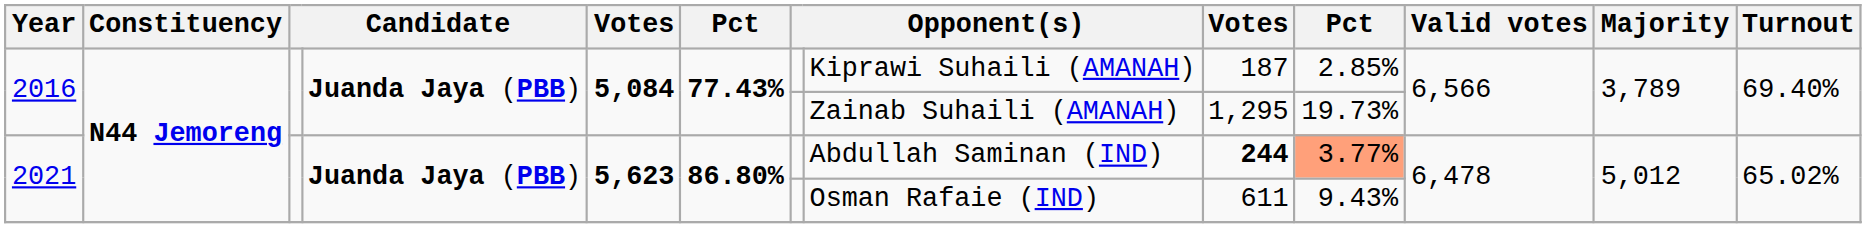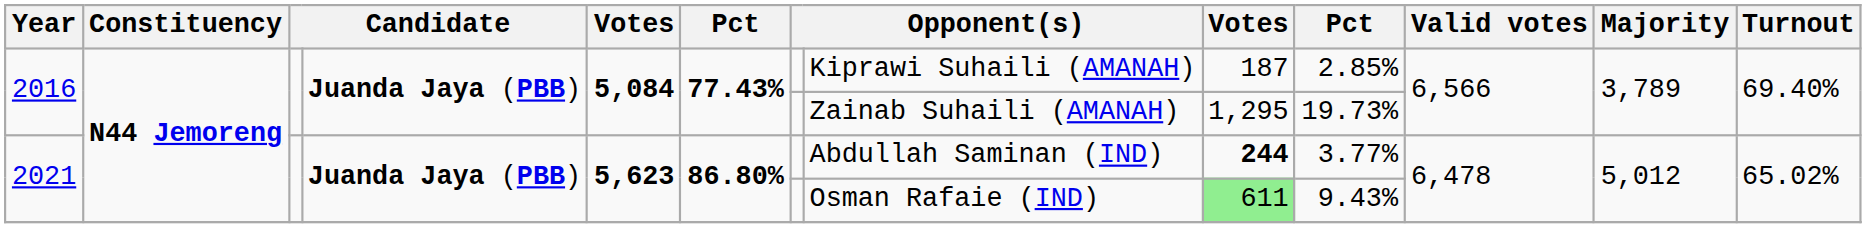 <table class="wikitable" style="margin:0.5em ; font-size:95%">
 <tr>
 <th>Year</th>
 <th>Constituency</th>
 <th colspan=2>Candidate</th>
 <th>Votes</th>
 <th>Pct</th>
 <th colspan=2>Opponent(s)</th>
 <th>Votes</th>
 <th>Pct</th>
 <th>Valid votes</th>
 <th>Majority</th>
 <th>Turnout</th>
 </tr>
 <tr>
 <td rowspan="2"><a href='#'>2016</a></td>
 <td rowspan="4"><strong>N44 <a href='#'>Jemoreng</a></strong></td>
 <td rowspan="2" ></td>
 <td rowspan="2"><strong>Juanda Jaya</strong> (<a href='#'><strong>PBB</strong></a>)</td>
 <td rowspan="2" style="text-align:right;"><strong>5,084</strong></td>
 <td rowspan="2"><strong>77.43%</strong></td>
 <td></td>
 <td>Kiprawi Suhaili (<a href='#'>AMANAH</a>)</td>
 <td style="text-align:right;">187</td>
 <td style="text-align:right;">2.85%</td>
 <td rowspan="2">6,566</td>
 <td rowspan="2">3,789</td>
 <td rowspan="2">69.40%</td>
 </tr>
 <tr>
 <td></td>
 <td>Zainab Suhaili (<a href='#'>AMANAH</a>)</td>
 <td style="text-align:right;">1,295</td>
 <td>19.73%</td>
 </tr>
 <tr>
 <td rowspan="2"><a href='#'>2021</a></td>
 <td rowspan="2" style="background:"></td>
 <td rowspan="2"><strong>Juanda Jaya</strong> (<a href='#'><strong>PBB</strong></a>)</td>
 <td rowspan="2" style="text-align:right;"><strong>5,623</strong></td>
 <td rowspan="2"><strong>86.80%</strong></td>
 <td></td>
 <td>Abdullah Saminan (<a href='#'>IND</a>)</td>
 <td style="text-align:right;"><strong>244</strong></td>
-<td style="background: lightsalmon; text-align:right;">3.77%</td>
+<td style="text-align:right;">3.77%</td>
 <td rowspan="2">6,478</td>
 <td rowspan="2">5,012</td>
 <td rowspan="2">65.02%</td>
 </tr>
 <tr>
 <td></td>
 <td>Osman Rafaie (<a href='#'>IND</a>)</td>
-<td style="text-align:right;">611</td>
+<td style="background: lightgreen; text-align:right;">611</td>
 <td style="text-align:right;">9.43%</td>
 </tr>
 <tr>
 </tr>
 </table>
